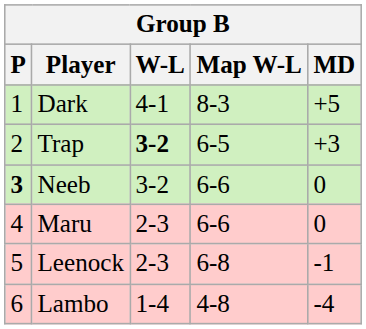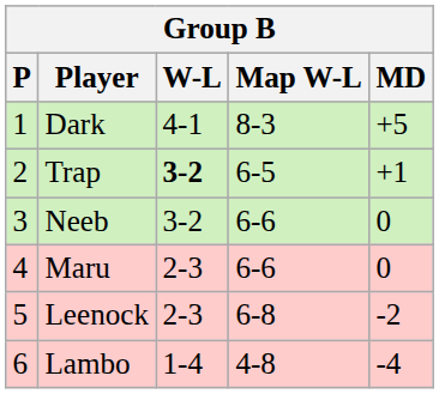 <table class="wikitable" style="display: inline-table;">
 <tr>
 <th colspan="5">Group B</th>
 </tr>
 <tr>
 <th>P</th>
 <th>Player</th>
 <th>W-L</th>
 <th>Map W-L</th>
 <th>MD</th>
 </tr>
 <tr style="background: #D0F0C0;">
 <td>1</td>
 <td>Dark</td>
 <td>4-1</td>
 <td>8-3</td>
 <td>+5</td>
 </tr>
 <tr style="background: #D0F0C0;">
 <td>2</td>
 <td>Trap</td>
 <td><strong>3-2</strong></td>
 <td>6-5</td>
-<td>+3</td>
+<td>+1</td>
 </tr>
 <tr style="background: #D0F0C0;">
-<td><strong>3</strong></td>
+<td>3</td>
 <td>Neeb</td>
 <td>3-2</td>
 <td>6-6</td>
 <td>0</td>
 </tr>
 <tr style="background: #FFCCCC;">
 <td>4</td>
 <td>Maru</td>
 <td>2-3</td>
 <td>6-6</td>
 <td>0</td>
 </tr>
 <tr style="background: #FFCCCC;">
 <td>5</td>
 <td>Leenock</td>
 <td>2-3</td>
 <td>6-8</td>
-<td>-1</td>
+<td>-2</td>
 </tr>
 <tr style="background: #FFCCCC;">
 <td>6</td>
 <td>Lambo</td>
 <td>1-4</td>
 <td>4-8</td>
 <td>-4</td>
 </tr>
 </table>
